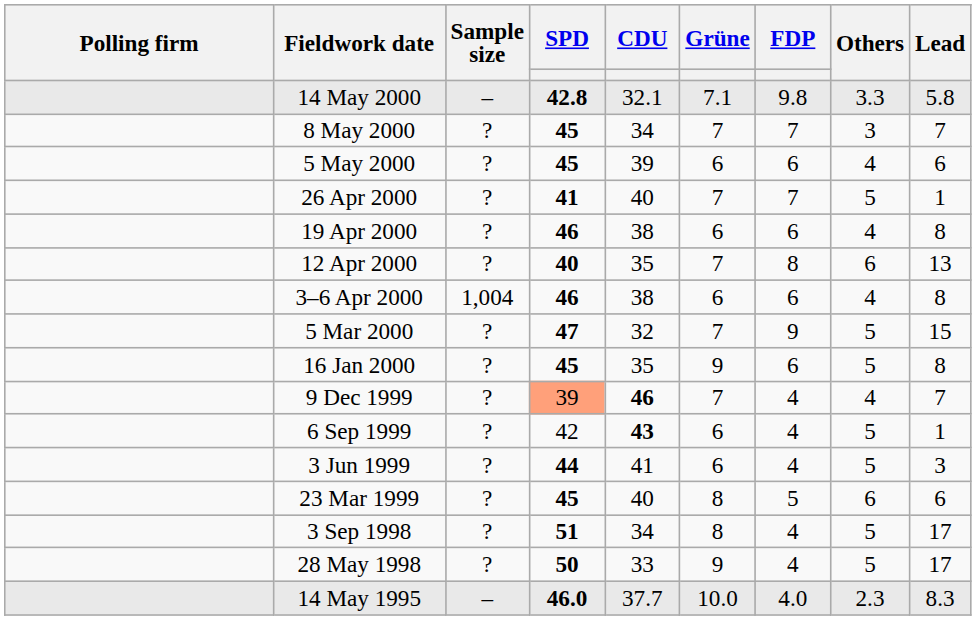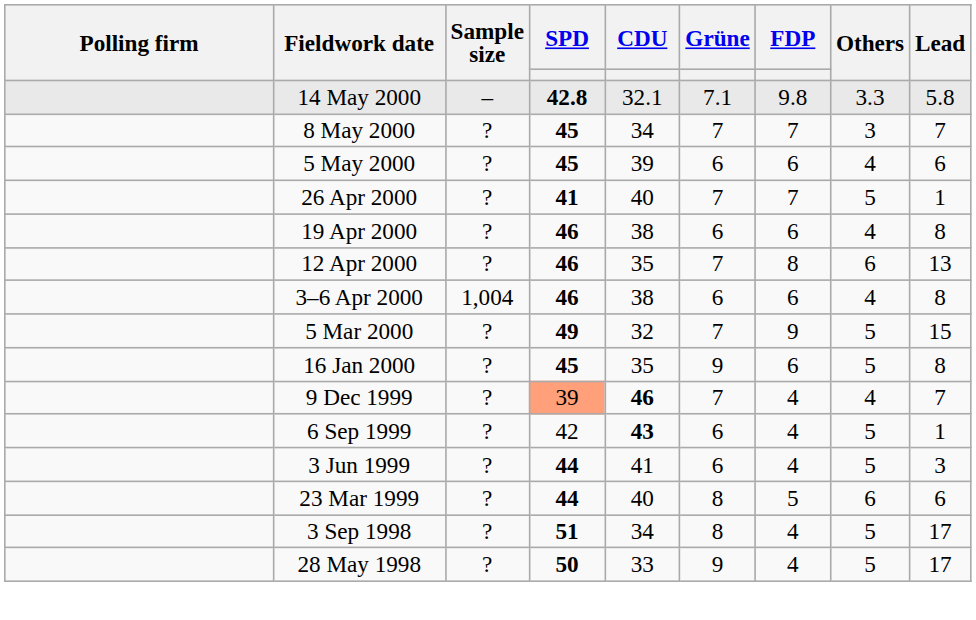 <table class="wikitable sortable" style="text-align:center;font-size:90%;line-height:14px;">
 <tr style="height:40px;">
 <th style="width:160px;" rowspan="2">Polling firm</th>
 <th style="width:100px;" rowspan="2">Fieldwork date</th>
 <th style="width:35px;" rowspan="2">Sample<br>size</th>
 <th class="unsortable" style="width:40px;"><a href='#'>SPD</a></th>
 <th class="unsortable" style="width:40px;"><a href='#'>CDU</a></th>
 <th class="unsortable" style="width:40px;"><a href='#'>Grüne</a></th>
 <th class="unsortable" style="width:40px;"><a href='#'>FDP</a></th>
 <th class="unsortable" style="width:40px;" rowspan="2">Others</th>
 <th style="width:30px;" rowspan="2">Lead</th>
 </tr>
 <tr>
 <th style="background:"></th>
 <th style="background:"></th>
 <th style="background:"></th>
 <th style="background:"></th>
 </tr>
 <tr style="background:#E9E9E9;">
 <td></td>
 <td data-sort-value="2000-05-14">14 May 2000</td>
 <td>–</td>
 <td><strong>42.8</strong></td>
 <td>32.1</td>
 <td>7.1</td>
 <td>9.8</td>
 <td>3.3</td>
 <td style="background:">5.8</td>
 </tr>
 <tr>
 <td></td>
 <td data-sort-value="2000-05-08">8 May 2000</td>
 <td>?</td>
 <td><strong>45</strong></td>
 <td>34</td>
 <td>7</td>
 <td>7</td>
 <td>3</td>
 <td style="background:">7</td>
 </tr>
 <tr>
 <td></td>
 <td data-sort-value="2000-05-05">5 May 2000</td>
 <td>?</td>
 <td><strong>45</strong></td>
 <td>39</td>
 <td>6</td>
 <td>6</td>
 <td>4</td>
 <td style="background:">6</td>
 </tr>
 <tr>
 <td></td>
 <td data-sort-value="2000-04-26">26 Apr 2000</td>
 <td>?</td>
 <td><strong>41</strong></td>
 <td>40</td>
 <td>7</td>
 <td>7</td>
 <td>5</td>
 <td style="background:">1</td>
 </tr>
 <tr>
 <td></td>
 <td data-sort-value="2000-04-19">19 Apr 2000</td>
 <td>?</td>
 <td><strong>46</strong></td>
 <td>38</td>
 <td>6</td>
 <td>6</td>
 <td>4</td>
 <td style="background:">8</td>
 </tr>
 <tr>
 <td></td>
 <td data-sort-value="2000-04-12">12 Apr 2000</td>
 <td>?</td>
-<td><strong>40</strong></td>
+<td><strong>46</strong></td>
 <td>35</td>
 <td>7</td>
 <td>8</td>
 <td>6</td>
 <td style="background:">13</td>
 </tr>
 <tr>
 <td></td>
 <td data-sort-value="2000-04-08">3–6 Apr 2000</td>
 <td>1,004</td>
 <td><strong>46</strong></td>
 <td>38</td>
 <td>6</td>
 <td>6</td>
 <td>4</td>
 <td style="background:">8</td>
 </tr>
 <tr>
 <td></td>
 <td data-sort-value="2000-03-05">5 Mar 2000</td>
 <td>?</td>
-<td><strong>47</strong></td>
+<td><strong>49</strong></td>
 <td>32</td>
 <td>7</td>
 <td>9</td>
 <td>5</td>
 <td style="background:">15</td>
 </tr>
 <tr>
 <td></td>
 <td data-sort-value="2000-01-16">16 Jan 2000</td>
 <td>?</td>
 <td><strong>45</strong></td>
 <td>35</td>
 <td>9</td>
 <td>6</td>
 <td>5</td>
 <td style="background:">8</td>
 </tr>
 <tr>
 <td></td>
 <td data-sort-value="1999-12-09">9 Dec 1999</td>
 <td>?</td>
 <td style="background: lightsalmon;">39</td>
 <td><strong>46</strong></td>
 <td>7</td>
 <td>4</td>
 <td>4</td>
 <td style="background:">7</td>
 </tr>
 <tr>
 <td></td>
 <td data-sort-value="1999-09-06">6 Sep 1999</td>
 <td>?</td>
 <td>42</td>
 <td><strong>43</strong></td>
 <td>6</td>
 <td>4</td>
 <td>5</td>
 <td style="background:">1</td>
 </tr>
 <tr>
 <td></td>
 <td data-sort-value="1999-06-03">3 Jun 1999</td>
 <td>?</td>
 <td><strong>44</strong></td>
 <td>41</td>
 <td>6</td>
 <td>4</td>
 <td>5</td>
 <td style="background:">3</td>
 </tr>
 <tr>
 <td></td>
 <td data-sort-value="1999-03-23">23 Mar 1999</td>
 <td>?</td>
-<td><strong>45</strong></td>
+<td><strong>44</strong></td>
 <td>40</td>
 <td>8</td>
 <td>5</td>
 <td>6</td>
 <td style="background:">6</td>
 </tr>
 <tr>
 <td></td>
 <td data-sort-value="1998-09-03">3 Sep 1998</td>
 <td>?</td>
 <td><strong>51</strong></td>
 <td>34</td>
 <td>8</td>
 <td>4</td>
 <td>5</td>
 <td style="background:">17</td>
 </tr>
 <tr>
 <td></td>
 <td data-sort-value="1998-05-28">28 May 1998</td>
 <td>?</td>
 <td><strong>50</strong></td>
 <td>33</td>
 <td>9</td>
 <td>4</td>
 <td>5</td>
 <td style="background:">17</td>
 </tr>
-<tr style="background:#E9E9E9;">
-<td></td>
-<td data-sort-value="1995-05-14">14 May 1995</td>
-<td>–</td>
-<td><strong>46.0</strong></td>
-<td>37.7</td>
-<td>10.0</td>
-<td>4.0</td>
-<td>2.3</td>
-<td style="background:">8.3</td>
-</tr>
 </table>
